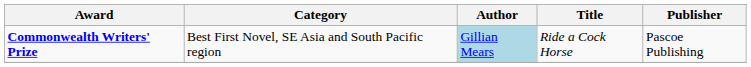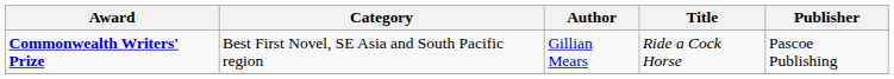 <table class="wikitable" width=100%>
 <tr>
 <th>Award</th>
 <th>Category</th>
 <th>Author</th>
 <th>Title</th>
 <th>Publisher</th>
 </tr>
 <tr>
 <td><strong><a href='#'>Commonwealth Writers' Prize</a></strong></td>
 <td>Best First Novel, SE Asia and South Pacific region</td>
-<td style="background: lightblue;"><a href='#'>Gillian Mears</a></td>
+<td><a href='#'>Gillian Mears</a></td>
 <td><em>Ride a Cock Horse</em></td>
 <td>Pascoe Publishing</td>
 </tr>
 <tr>
 </tr>
 </table>
